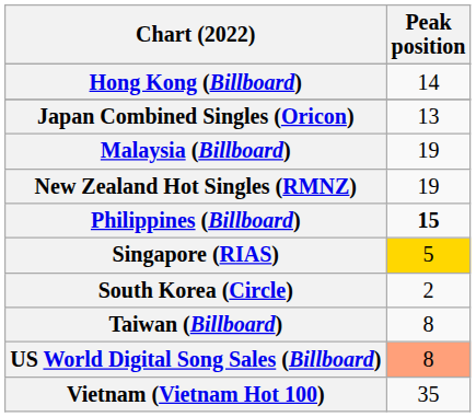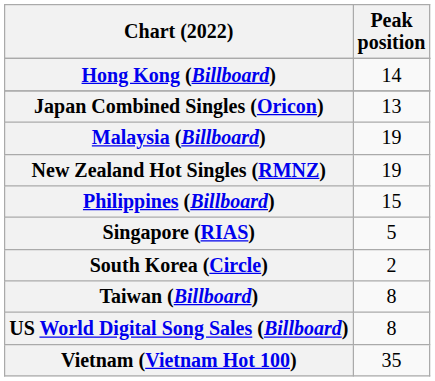 <table class="wikitable sortable plainrowheaders" style="text-align:center">
 <tr>
 <th scope="col">Chart (2022)</th>
 <th scope="col">Peak<br>position</th>
 </tr>
 <tr>
 </tr>
 <tr>
 </tr>
 <tr>
 <th scope="row"><a href='#'>Hong Kong</a> (<em><a href='#'>Billboard</a></em>)</th>
 <td>14</td>
 </tr>
 <tr>
 </tr>
 <tr>
 <th scope="row">Japan Combined Singles (<a href='#'>Oricon</a>)</th>
 <td>13</td>
 </tr>
 <tr>
 <th scope="row"><a href='#'>Malaysia</a> (<em><a href='#'>Billboard</a></em>)</th>
 <td>19</td>
 </tr>
 <tr>
 <th scope="row">New Zealand Hot Singles (<a href='#'>RMNZ</a>)</th>
 <td>19</td>
 </tr>
 <tr>
 <th scope="row"><a href='#'>Philippines</a> (<em><a href='#'>Billboard</a></em>)</th>
-<td><strong>15</strong></td>
+<td>15</td>
 </tr>
 <tr>
 <th scope="row">Singapore (<a href='#'>RIAS</a>)</th>
-<td style="background: gold;">5</td>
+<td>5</td>
 </tr>
 <tr>
 <th scope="row">South Korea (<a href='#'>Circle</a>)</th>
 <td>2</td>
 </tr>
 <tr>
 <th scope="row">Taiwan (<em><a href='#'>Billboard</a></em>)</th>
 <td>8</td>
 </tr>
 <tr>
 <th scope="row">US <a href='#'>World Digital Song Sales</a> (<em><a href='#'>Billboard</a></em>)</th>
-<td style="background: lightsalmon;">8</td>
+<td>8</td>
 </tr>
 <tr>
 <th scope="row">Vietnam (<a href='#'>Vietnam Hot 100</a>)</th>
 <td>35</td>
 </tr>
 </table>
